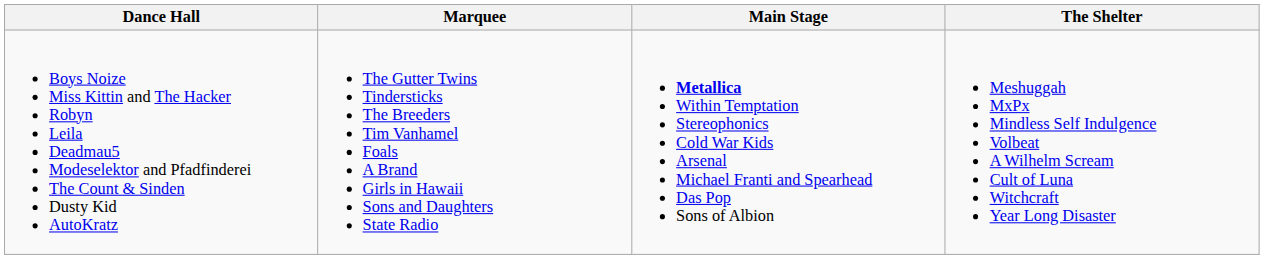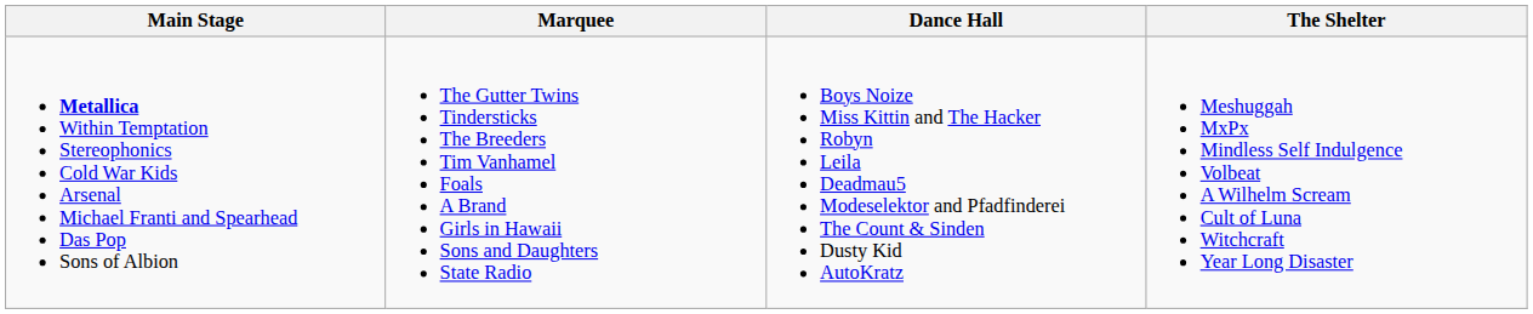 <table class="wikitable">
 <tr>
+<th width="300" rowspan="1">Main Stage</th>
+<th width="300" rowspan="1">Marquee</th>
 <th width="300" rowspan="1">Dance Hall</th>
-<th width="300" rowspan="1">Marquee</th>
-<th width="300" rowspan="1">Main Stage</th>
 <th width="300" rowspan="1">The Shelter</th>
 </tr>
 <tr>
+<td><br><ul><li><strong><a href='#'>Metallica</a></strong></li><li><a href='#'>Within Temptation</a></li><li><a href='#'>Stereophonics</a></li><li><a href='#'>Cold War Kids</a></li><li><a href='#'>Arsenal</a></li><li><a href='#'>Michael Franti and Spearhead</a></li><li><a href='#'>Das Pop</a></li><li>Sons of Albion</li></ul></td>
+<td><br><ul><li><a href='#'>The Gutter Twins</a></li><li><a href='#'>Tindersticks</a></li><li><a href='#'>The Breeders</a></li><li><a href='#'>Tim Vanhamel</a></li><li><a href='#'>Foals</a></li><li><a href='#'>A Brand</a></li><li><a href='#'>Girls in Hawaii</a></li><li><a href='#'>Sons and Daughters</a></li><li><a href='#'>State Radio</a></li></ul></td>
 <td><br><ul><li><a href='#'>Boys Noize</a></li><li><a href='#'>Miss Kittin</a> and <a href='#'>The Hacker</a></li><li><a href='#'>Robyn</a></li><li><a href='#'>Leila</a></li><li><a href='#'>Deadmau5</a></li><li><a href='#'>Modeselektor</a> and Pfadfinderei</li><li><a href='#'>The Count & Sinden</a></li><li>Dusty Kid</li><li><a href='#'>AutoKratz</a></li></ul></td>
-<td><br><ul><li><a href='#'>The Gutter Twins</a></li><li><a href='#'>Tindersticks</a></li><li><a href='#'>The Breeders</a></li><li><a href='#'>Tim Vanhamel</a></li><li><a href='#'>Foals</a></li><li><a href='#'>A Brand</a></li><li><a href='#'>Girls in Hawaii</a></li><li><a href='#'>Sons and Daughters</a></li><li><a href='#'>State Radio</a></li></ul></td>
-<td><br><ul><li><strong><a href='#'>Metallica</a></strong></li><li><a href='#'>Within Temptation</a></li><li><a href='#'>Stereophonics</a></li><li><a href='#'>Cold War Kids</a></li><li><a href='#'>Arsenal</a></li><li><a href='#'>Michael Franti and Spearhead</a></li><li><a href='#'>Das Pop</a></li><li>Sons of Albion</li></ul></td>
 <td><br><ul><li><a href='#'>Meshuggah</a></li><li><a href='#'>MxPx</a></li><li><a href='#'>Mindless Self Indulgence</a></li><li><a href='#'>Volbeat</a></li><li><a href='#'>A Wilhelm Scream</a></li><li><a href='#'>Cult of Luna</a></li><li><a href='#'>Witchcraft</a></li><li><a href='#'>Year Long Disaster</a></li></ul></td>
 </tr>
 </table>
